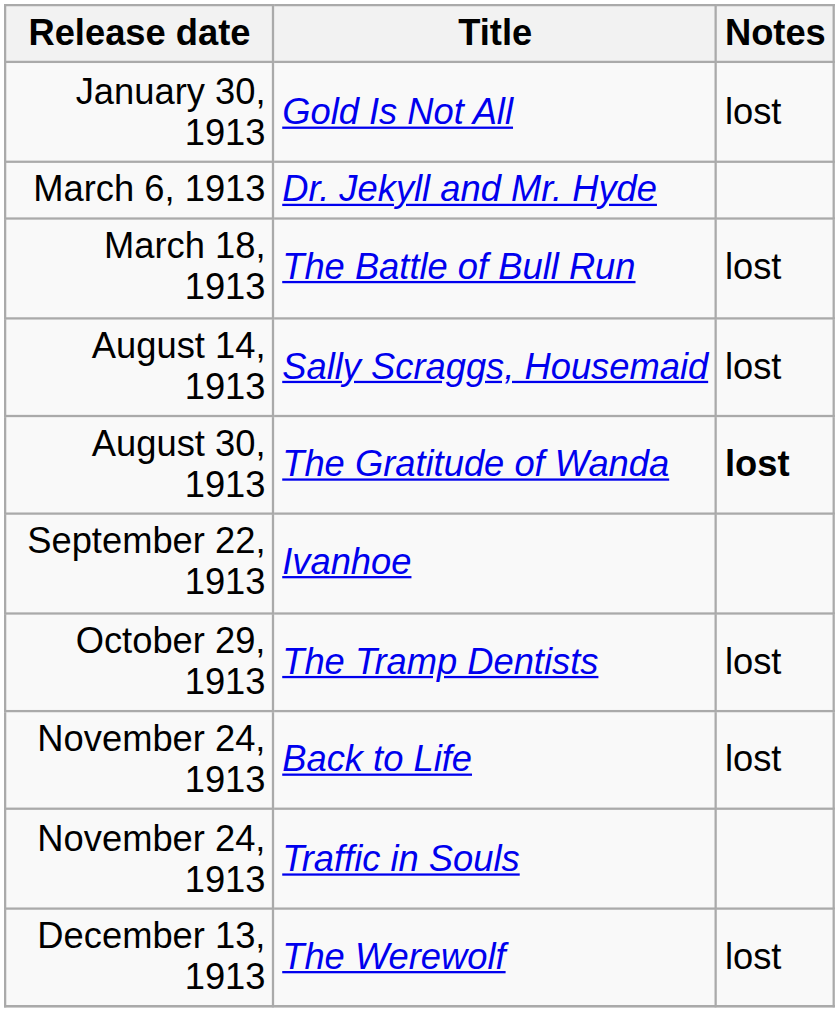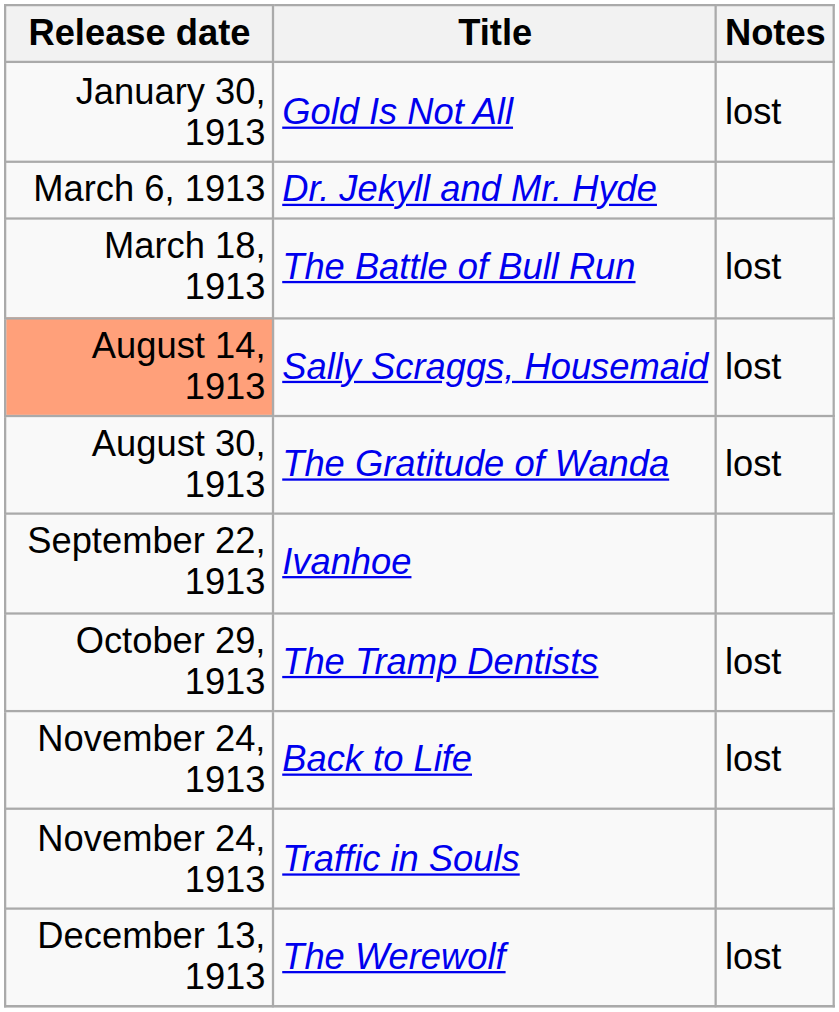 <table class="wikitable sortable">
 <tr>
 <th style="width:111px;">Release date</th>
 <th>Title</th>
 <th>Notes</th>
 </tr>
 <tr>
 <td style="text-align:right;">January 30, 1913</td>
 <td><em><a href='#'>Gold Is Not All</a></em></td>
 <td>lost</td>
 </tr>
 <tr>
 <td style="text-align:right;">March 6, 1913</td>
 <td><em><a href='#'>Dr. Jekyll and Mr. Hyde</a></em></td>
 <td></td>
 </tr>
 <tr>
 <td style=text-align:right;>March 18, 1913</td>
 <td><em><a href='#'>The Battle of Bull Run</a></em></td>
 <td>lost</td>
 </tr>
 <tr>
-<td style="text-align:right;">August 14, 1913</td>
+<td style="background: lightsalmon; text-align:right;">August 14, 1913</td>
 <td><em><a href='#'>Sally Scraggs, Housemaid</a></em></td>
 <td>lost </td>
 </tr>
 <tr>
 <td style="text-align:right;">August 30, 1913</td>
 <td><em><a href='#'>The Gratitude of Wanda</a></em></td>
-<td><strong>lost</strong></td>
+<td>lost</td>
 </tr>
 <tr>
 <td style="text-align:right;">September 22, 1913</td>
 <td><em><a href='#'>Ivanhoe</a></em></td>
 <td></td>
 </tr>
 <tr>
 <td style="text-align:right;">October 29, 1913</td>
 <td><em><a href='#'>The Tramp Dentists</a></em></td>
 <td>lost</td>
 </tr>
 <tr>
 <td style="text-align:right;">November 24, 1913</td>
 <td><em><a href='#'>Back to Life</a></em></td>
 <td>lost</td>
 </tr>
 <tr>
 <td style="text-align:right;">November 24, 1913</td>
 <td><em><a href='#'>Traffic in Souls</a></em></td>
 <td></td>
 </tr>
 <tr>
 <td style="text-align:right;">December 13, 1913</td>
 <td><em><a href='#'>The Werewolf</a></em></td>
 <td>lost</td>
 </tr>
 <tr>
 </tr>
 </table>
